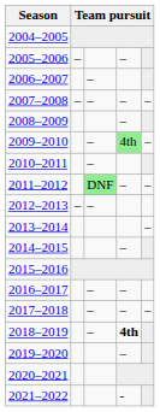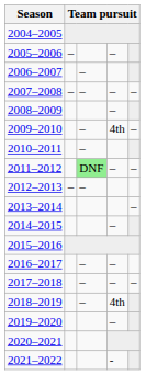 <table class="wikitable" style="display: inline-table;">
 <tr>
 <th>Season</th>
 <th colspan="4">Team pursuit</th>
 </tr>
 <tr>
 <td><a href='#'>2004–2005</a></td>
 <td colspan="4" bgcolor=#EEEEEE></td>
 </tr>
 <tr>
 <td><a href='#'>2005–2006</a></td>
 <td>–</td>
 <td></td>
 <td>–</td>
 <td colspan="1" bgcolor=#EEEEEE></td>
 </tr>
 <tr>
 <td><a href='#'>2006–2007</a></td>
 <td></td>
 <td>–</td>
 <td></td>
 <td colspan="1" bgcolor=#EEEEEE></td>
 </tr>
 <tr>
 <td><a href='#'>2007–2008</a></td>
 <td>–</td>
 <td>–</td>
 <td>–</td>
 <td>–</td>
 </tr>
 <tr>
 <td><a href='#'>2008–2009</a></td>
 <td></td>
 <td></td>
 <td>–</td>
 <td colspan="1" bgcolor=#EEEEEE></td>
 </tr>
 <tr>
 <td><a href='#'>2009–2010</a></td>
 <td></td>
 <td>–</td>
-<td style="background: lightgreen;">4th</td>
+<td>4th</td>
 <td>–</td>
 </tr>
 <tr>
 <td><a href='#'>2010–2011</a></td>
 <td></td>
 <td>–</td>
 <td></td>
 <td colspan="1" bgcolor=#EEEEEE></td>
 </tr>
 <tr>
 <td><a href='#'>2011–2012</a></td>
 <td></td>
 <td style="background: lightgreen;">DNF</td>
 <td>–</td>
 <td>–</td>
 </tr>
 <tr>
 <td><a href='#'>2012–2013</a></td>
 <td>–</td>
 <td>–</td>
 <td></td>
 <td></td>
 </tr>
 <tr>
 <td><a href='#'>2013–2014</a></td>
 <td></td>
 <td></td>
 <td></td>
 <td>–</td>
 </tr>
 <tr>
 <td><a href='#'>2014–2015</a></td>
 <td></td>
 <td></td>
 <td>–</td>
 <td colspan="1" bgcolor=#EEEEEE></td>
 </tr>
 <tr>
 <td><a href='#'>2015–2016</a></td>
 <td colspan="4" bgcolor=#EEEEEE></td>
 </tr>
 <tr>
 <td><a href='#'>2016–2017</a></td>
 <td></td>
 <td>–</td>
 <td>–</td>
 <td></td>
 </tr>
 <tr>
 <td><a href='#'>2017–2018</a></td>
 <td></td>
 <td>–</td>
 <td>–</td>
 <td>–</td>
 </tr>
 <tr>
 <td><a href='#'>2018–2019</a></td>
 <td></td>
 <td>–</td>
-<td><strong>4th</strong></td>
+<td>4th</td>
 <td colspan="3" bgcolor=#EEEEEE></td>
 </tr>
 <tr>
 <td><a href='#'>2019–2020</a></td>
 <td></td>
 <td></td>
 <td>–</td>
 <td colspan="1" bgcolor=#EEEEEE></td>
 </tr>
 <tr>
 <td><a href='#'>2020–2021</a></td>
 <td></td>
 <td></td>
 <td colspan="4" bgcolor=#EEEEEE></td>
 </tr>
 <tr>
 <td><a href='#'>2021–2022</a></td>
 <td></td>
 <td></td>
 <td>-</td>
 <td colspan="4" bgcolor=#EEEEEE></td>
 </tr>
 </table>
